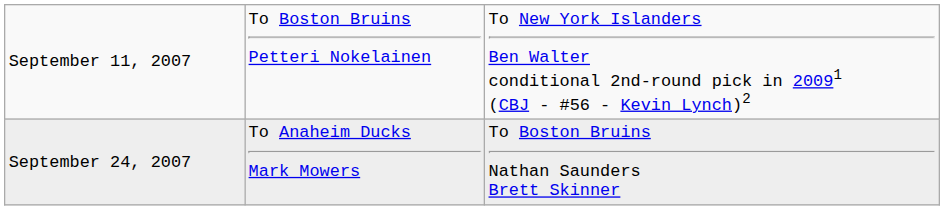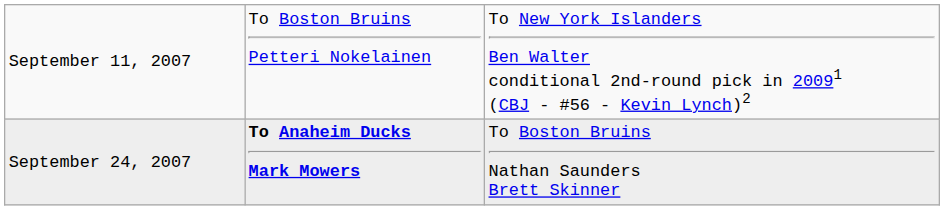 <table cellspacing=0 class="wikitable" style="border:1px solid #999999; width:720px;">
 <tr>
 <td>September 11, 2007</td>
 <td valign="top">To <a href='#'>Boston Bruins</a><hr><a href='#'>Petteri Nokelainen</a></td>
 <td valign="top">To <a href='#'>New York Islanders</a><hr><a href='#'>Ben Walter</a><br>conditional 2nd-round pick in <a href='#'>2009</a><sup>1</sup><br>(<a href='#'>CBJ</a> - #56 - <a href='#'>Kevin Lynch</a>)<sup>2</sup></td>
 </tr>
 <tr bgcolor="#eeeeee">
 <td>September 24, 2007</td>
-<td valign="top">To <a href='#'>Anaheim Ducks</a><hr><a href='#'>Mark Mowers</a></td>
+<td valign="top"><strong>To <a href='#'>Anaheim Ducks</a><hr><a href='#'>Mark Mowers</a></strong></td>
 <td valign="top">To <a href='#'>Boston Bruins</a><hr>Nathan Saunders<br><a href='#'>Brett Skinner</a></td>
 </tr>
 </table>
